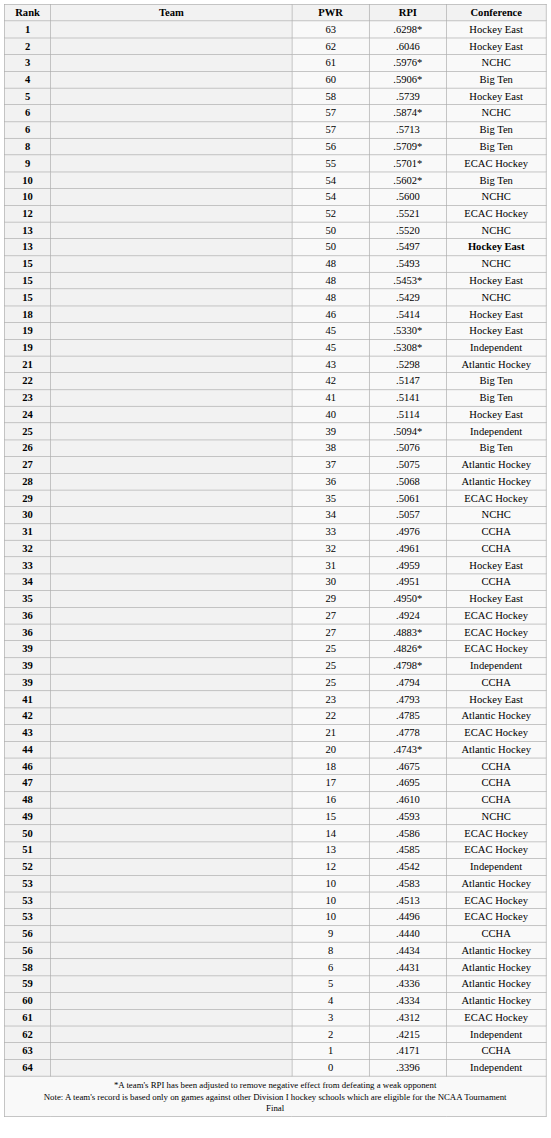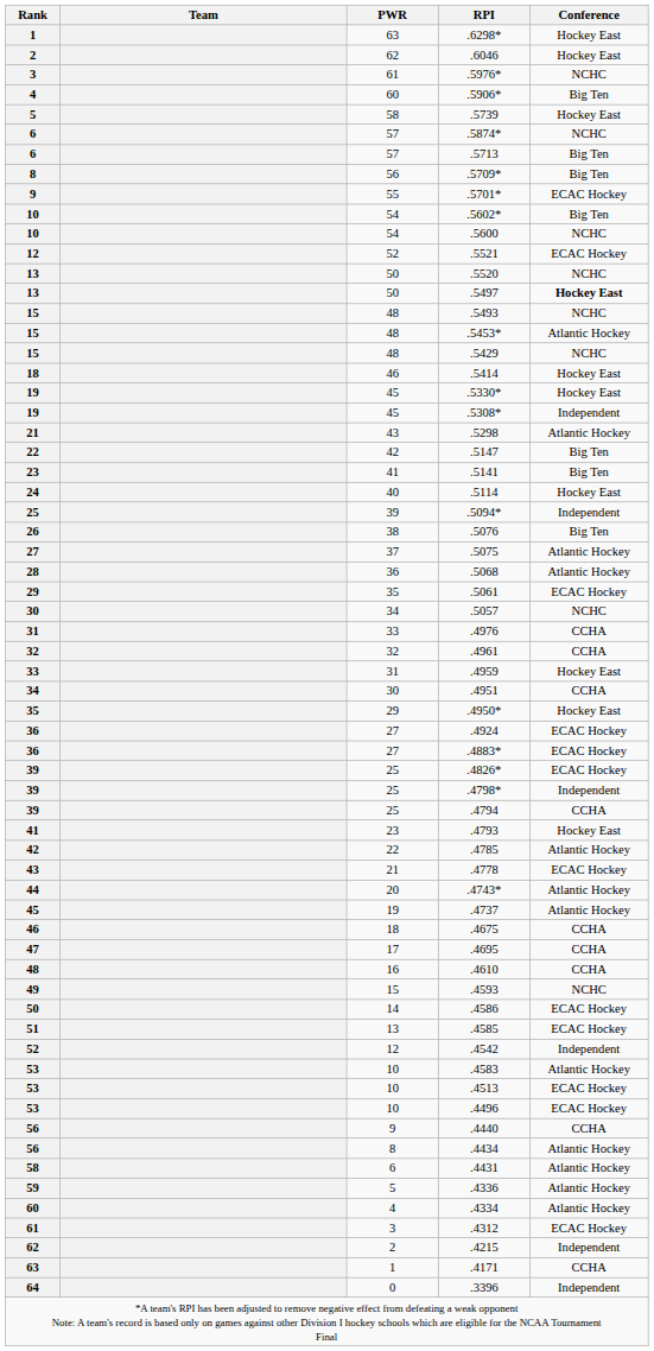 <table class="wikitable sortable" style="text-align: center;" width=65%>
 <tr>
 <th ! width="4%">Rank</th>
 <th ! width="25%">Team</th>
 <th ! width="8%">PWR</th>
 <th ! width="8%">RPI</th>
 <th ! width="10%">Conference</th>
 </tr>
 <tr>
 <th>1</th>
 <th align=center><strong><a href='#'></a></strong></th>
 <td>63</td>
 <td>.6298*</td>
 <td>Hockey East</td>
 </tr>
 <tr>
 <th>2</th>
 <th align=center><strong><a href='#'></a></strong></th>
 <td>62</td>
 <td>.6046</td>
 <td>Hockey East</td>
 </tr>
 <tr>
 <th>3</th>
 <th align=center><strong><a href='#'></a></strong></th>
 <td>61</td>
 <td>.5976*</td>
 <td>NCHC</td>
 </tr>
 <tr>
 <th>4</th>
 <th align=center><strong><a href='#'></a></strong></th>
 <td>60</td>
 <td>.5906*</td>
 <td>Big Ten</td>
 </tr>
 <tr>
 <th>5</th>
 <th align=center><strong><a href='#'></a></strong></th>
 <td>58</td>
 <td>.5739</td>
 <td>Hockey East</td>
 </tr>
 <tr>
 <th>6</th>
 <th align=center><strong><a href='#'></a></strong></th>
 <td>57</td>
 <td>.5874*</td>
 <td>NCHC</td>
 </tr>
 <tr>
 <th>6</th>
 <th align=center><strong><a href='#'></a></strong></th>
 <td>57</td>
 <td>.5713</td>
 <td>Big Ten</td>
 </tr>
 <tr>
 <th>8</th>
 <th align=center><strong><a href='#'></a></strong></th>
 <td>56</td>
 <td>.5709*</td>
 <td>Big Ten</td>
 </tr>
 <tr>
 <th>9</th>
 <th align=center><strong><a href='#'></a></strong></th>
 <td>55</td>
 <td>.5701*</td>
 <td>ECAC Hockey</td>
 </tr>
 <tr>
 <th>10</th>
 <th align=center><strong><a href='#'></a></strong></th>
 <td>54</td>
 <td>.5602*</td>
 <td>Big Ten</td>
 </tr>
 <tr>
 <th>10</th>
 <th align=center><strong><a href='#'></a></strong></th>
 <td>54</td>
 <td>.5600</td>
 <td>NCHC</td>
 </tr>
 <tr>
 <th>12</th>
 <th align=center><strong><a href='#'></a></strong></th>
 <td>52</td>
 <td>.5521</td>
 <td>ECAC Hockey</td>
 </tr>
 <tr>
 <th>13</th>
 <th align=center><strong><a href='#'></a></strong></th>
 <td>50</td>
 <td>.5520</td>
 <td>NCHC</td>
 </tr>
 <tr>
 <th>13</th>
 <th align=center><strong><a href='#'></a></strong></th>
 <td>50</td>
 <td>.5497</td>
 <td><strong>Hockey East</strong></td>
 </tr>
 <tr>
 <th>15</th>
 <th align=center><strong><a href='#'></a></strong></th>
 <td>48</td>
 <td>.5493</td>
 <td>NCHC</td>
 </tr>
 <tr>
 <th>15</th>
 <th align=center><strong><a href='#'></a></strong></th>
 <td>48</td>
 <td>.5453*</td>
-<td>Hockey East</td>
+<td>Atlantic Hockey</td>
 </tr>
 <tr>
 <th>15</th>
 <th align=center><strong><a href='#'></a></strong></th>
 <td>48</td>
 <td>.5429</td>
 <td>NCHC</td>
 </tr>
 <tr>
 <th>18</th>
 <th align=center><strong><a href='#'></a></strong></th>
 <td>46</td>
 <td>.5414</td>
 <td>Hockey East</td>
 </tr>
 <tr>
 <th>19</th>
 <th align=center><strong><a href='#'></a></strong></th>
 <td>45</td>
 <td>.5330*</td>
 <td>Hockey East</td>
 </tr>
 <tr>
 <th>19</th>
 <th align=center><strong><a href='#'></a></strong></th>
 <td>45</td>
 <td>.5308*</td>
 <td>Independent</td>
 </tr>
 <tr>
 <th>21</th>
 <th align=center><strong><a href='#'></a></strong></th>
 <td>43</td>
 <td>.5298</td>
 <td>Atlantic Hockey</td>
 </tr>
 <tr>
 <th>22</th>
 <th align=center><strong><a href='#'></a></strong></th>
 <td>42</td>
 <td>.5147</td>
 <td>Big Ten</td>
 </tr>
 <tr>
 <th>23</th>
 <th align=center><strong><a href='#'></a></strong></th>
 <td>41</td>
 <td>.5141</td>
 <td>Big Ten</td>
 </tr>
 <tr>
 <th>24</th>
 <th align=center><strong><a href='#'></a></strong></th>
 <td>40</td>
 <td>.5114</td>
 <td>Hockey East</td>
 </tr>
 <tr>
 <th>25</th>
 <th align=center><strong><a href='#'></a></strong></th>
 <td>39</td>
 <td>.5094*</td>
 <td>Independent</td>
 </tr>
 <tr>
 <th>26</th>
 <th align=center><strong><a href='#'></a></strong></th>
 <td>38</td>
 <td>.5076</td>
 <td>Big Ten</td>
 </tr>
 <tr>
 <th>27</th>
 <th align=center><strong><a href='#'></a></strong></th>
 <td>37</td>
 <td>.5075</td>
 <td>Atlantic Hockey</td>
 </tr>
 <tr>
 <th>28</th>
 <th align=center><strong><a href='#'></a></strong></th>
 <td>36</td>
 <td>.5068</td>
 <td>Atlantic Hockey</td>
 </tr>
 <tr>
 <th>29</th>
 <th align=center><strong><a href='#'></a></strong></th>
 <td>35</td>
 <td>.5061</td>
 <td>ECAC Hockey</td>
 </tr>
 <tr>
 <th>30</th>
 <th align=center><strong><a href='#'></a></strong></th>
 <td>34</td>
 <td>.5057</td>
 <td>NCHC</td>
 </tr>
 <tr>
 <th>31</th>
 <th align=center><strong><a href='#'></a></strong></th>
 <td>33</td>
 <td>.4976</td>
 <td>CCHA</td>
 </tr>
 <tr>
 <th>32</th>
 <th align=center><strong><a href='#'></a></strong></th>
 <td>32</td>
 <td>.4961</td>
 <td>CCHA</td>
 </tr>
 <tr>
 <th>33</th>
 <th align=center><strong><a href='#'></a></strong></th>
 <td>31</td>
 <td>.4959</td>
 <td>Hockey East</td>
 </tr>
 <tr>
 <th>34</th>
 <th align=center><strong><a href='#'></a></strong></th>
 <td>30</td>
 <td>.4951</td>
 <td>CCHA</td>
 </tr>
 <tr>
 <th>35</th>
 <th align=center><strong><a href='#'></a></strong></th>
 <td>29</td>
 <td>.4950*</td>
 <td>Hockey East</td>
 </tr>
 <tr>
 <th>36</th>
 <th align=center><strong><a href='#'></a></strong></th>
 <td>27</td>
 <td>.4924</td>
 <td>ECAC Hockey</td>
 </tr>
 <tr>
 <th>36</th>
 <th align=center><strong><a href='#'></a></strong></th>
 <td>27</td>
 <td>.4883*</td>
 <td>ECAC Hockey</td>
 </tr>
 <tr>
 <th>39</th>
 <th align=center><strong><a href='#'></a></strong></th>
 <td>25</td>
 <td>.4826*</td>
 <td>ECAC Hockey</td>
 </tr>
 <tr>
 <th>39</th>
 <th align=center><strong><a href='#'></a></strong></th>
 <td>25</td>
 <td>.4798*</td>
 <td>Independent</td>
 </tr>
 <tr>
 <th>39</th>
 <th align=center><strong><a href='#'></a></strong></th>
 <td>25</td>
 <td>.4794</td>
 <td>CCHA</td>
 </tr>
 <tr>
 <th>41</th>
 <th align=center><strong><a href='#'></a></strong></th>
 <td>23</td>
 <td>.4793</td>
 <td>Hockey East</td>
 </tr>
 <tr>
 <th>42</th>
 <th align=center><strong><a href='#'></a></strong></th>
 <td>22</td>
 <td>.4785</td>
 <td>Atlantic Hockey</td>
 </tr>
 <tr>
 <th>43</th>
 <th align=center><strong><a href='#'></a></strong></th>
 <td>21</td>
 <td>.4778</td>
 <td>ECAC Hockey</td>
 </tr>
 <tr>
 <th>44</th>
 <th align=center><strong><a href='#'></a></strong></th>
 <td>20</td>
 <td>.4743*</td>
 <td>Atlantic Hockey</td>
 </tr>
 <tr>
+<th>45</th>
+<th align=center><strong><a href='#'></a></strong></th>
+<td>19</td>
+<td>.4737</td>
+<td>Atlantic Hockey</td>
+</tr>
+<tr>
 <th>46</th>
 <th align=center><strong><a href='#'></a></strong></th>
 <td>18</td>
 <td>.4675</td>
 <td>CCHA</td>
 </tr>
 <tr>
 <th>47</th>
 <th align=center><strong><a href='#'></a></strong></th>
 <td>17</td>
 <td>.4695</td>
 <td>CCHA</td>
 </tr>
 <tr>
 <th>48</th>
 <th align=center><strong><a href='#'></a></strong></th>
 <td>16</td>
 <td>.4610</td>
 <td>CCHA</td>
 </tr>
 <tr>
 <th>49</th>
 <th align=center><strong><a href='#'></a></strong></th>
 <td>15</td>
 <td>.4593</td>
 <td>NCHC</td>
 </tr>
 <tr>
 <th>50</th>
 <th align=center><strong><a href='#'></a></strong></th>
 <td>14</td>
 <td>.4586</td>
 <td>ECAC Hockey</td>
 </tr>
 <tr>
 <th>51</th>
 <th align=center><strong><a href='#'></a></strong></th>
 <td>13</td>
 <td>.4585</td>
 <td>ECAC Hockey</td>
 </tr>
 <tr>
 <th>52</th>
 <th align=center><strong><a href='#'></a></strong></th>
 <td>12</td>
 <td>.4542</td>
 <td>Independent</td>
 </tr>
 <tr>
 <th>53</th>
 <th align=center><strong><a href='#'></a></strong></th>
 <td>10</td>
 <td>.4583</td>
 <td>Atlantic Hockey</td>
 </tr>
 <tr>
 <th>53</th>
 <th align=center><strong><a href='#'></a></strong></th>
 <td>10</td>
 <td>.4513</td>
 <td>ECAC Hockey</td>
 </tr>
 <tr>
 <th>53</th>
 <th align=center><strong><a href='#'></a></strong></th>
 <td>10</td>
 <td>.4496</td>
 <td>ECAC Hockey</td>
 </tr>
 <tr>
 <th>56</th>
 <th align=center><strong><a href='#'></a></strong></th>
 <td>9</td>
 <td>.4440</td>
 <td>CCHA</td>
 </tr>
 <tr>
 <th>56</th>
 <th align=center><strong><a href='#'></a></strong></th>
 <td>8</td>
 <td>.4434</td>
 <td>Atlantic Hockey</td>
 </tr>
 <tr>
 <th>58</th>
 <th align=center><strong><a href='#'></a></strong></th>
 <td>6</td>
 <td>.4431</td>
 <td>Atlantic Hockey</td>
 </tr>
 <tr>
 <th>59</th>
 <th align=center><strong><a href='#'></a></strong></th>
 <td>5</td>
 <td>.4336</td>
 <td>Atlantic Hockey</td>
 </tr>
 <tr>
 <th>60</th>
 <th align=center><strong><a href='#'></a></strong></th>
 <td>4</td>
 <td>.4334</td>
 <td>Atlantic Hockey</td>
 </tr>
 <tr>
 <th>61</th>
 <th align=center><strong><a href='#'></a></strong></th>
 <td>3</td>
 <td>.4312</td>
 <td>ECAC Hockey</td>
 </tr>
 <tr>
 <th>62</th>
 <th align=center><strong><a href='#'></a></strong></th>
 <td>2</td>
 <td>.4215</td>
 <td>Independent</td>
 </tr>
 <tr>
 <th>63</th>
 <th align=center><strong><a href='#'></a></strong></th>
 <td>1</td>
 <td>.4171</td>
 <td>CCHA</td>
 </tr>
 <tr>
 <th>64</th>
 <th align=center><strong><a href='#'></a></strong></th>
 <td>0</td>
 <td>.3396</td>
 <td>Independent</td>
 </tr>
 <tr class="sortbottom">
 <td colspan=5 style="text-align:center;"><small> *A team's RPI has been adjusted to remove negative effect from defeating a weak opponent <br> Note: A team's record is based only on games against other Division I hockey schools which are eligible for the NCAA Tournament<br>Final</small></td>
 </tr>
 </table>
